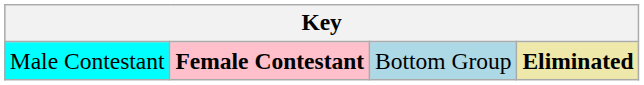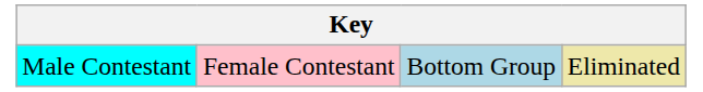 <table class="wikitable" style="margin:1em auto;">
 <tr>
 <th colspan="7">Key</th>
 </tr>
 <tr>
 <td style="background:cyan;">Male Contestant</td>
-<td style="background:pink;"><strong>Female Contestant</strong></td>
+<td style="background:pink;">Female Contestant</td>
 <td style="background:lightblue;">Bottom Group</td>
-<td style="background:palegoldenrod;"><strong>Eliminated</strong></td>
+<td style="background:palegoldenrod;">Eliminated</td>
 </tr>
 </table>
